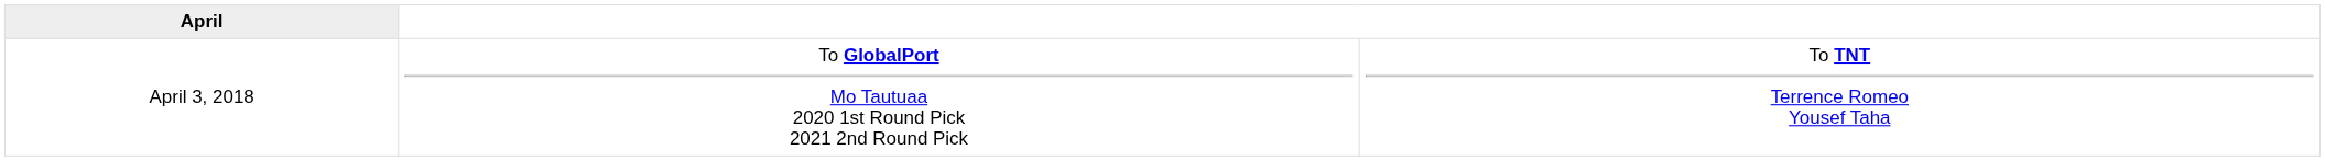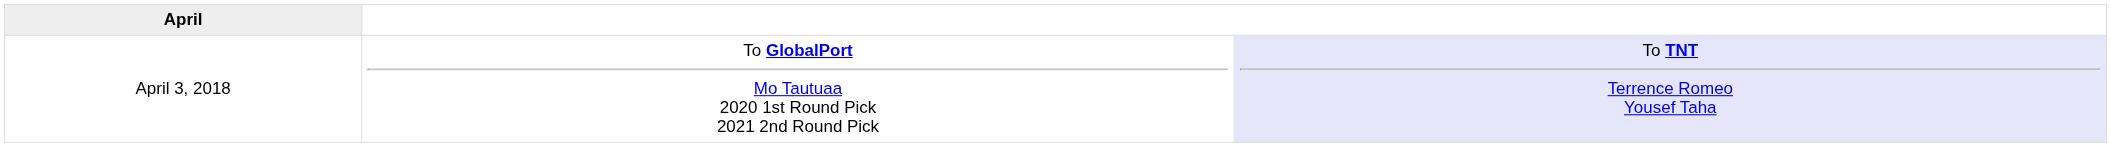 <table border=1 style="border-collapse:collapse; text-align: center; width: 100%" bordercolor="#DFDFDF"  cellpadding="5">
 <tr bgcolor="eeeeee">
 <th>April</th>
 </tr>
 <tr>
 <td style="width:12%">April 3, 2018</td>
 <td style="width:29.3%" valign="top">To <strong><a href='#'>GlobalPort</a></strong><hr><a href='#'>Mo Tautuaa</a><br>2020 1st Round Pick<br>2021 2nd Round Pick</td>
-<td style="width:29.3%" valign="top">To <strong><a href='#'>TNT</a></strong><hr><a href='#'>Terrence Romeo</a><br><a href='#'>Yousef Taha</a></td>
+<td style="background: lavender; width:29.3%" valign="top">To <strong><a href='#'>TNT</a></strong><hr><a href='#'>Terrence Romeo</a><br><a href='#'>Yousef Taha</a></td>
 </tr>
 </table>
